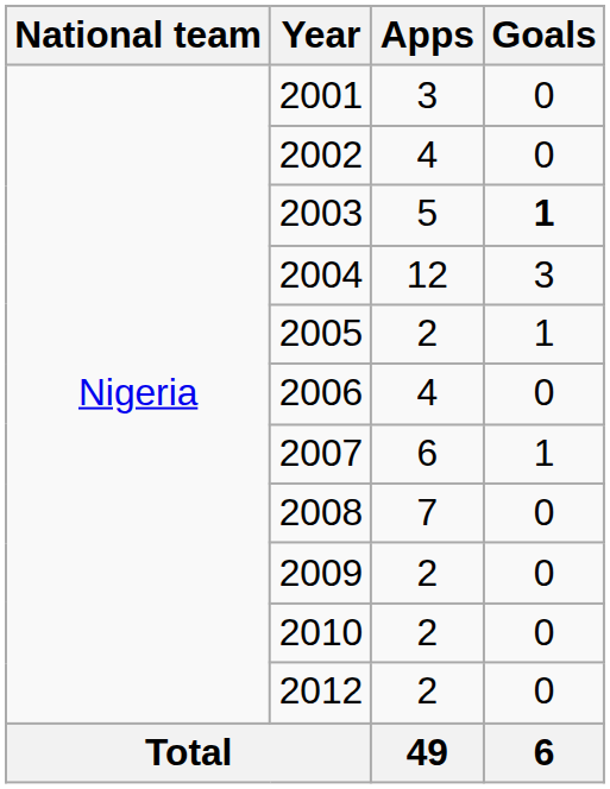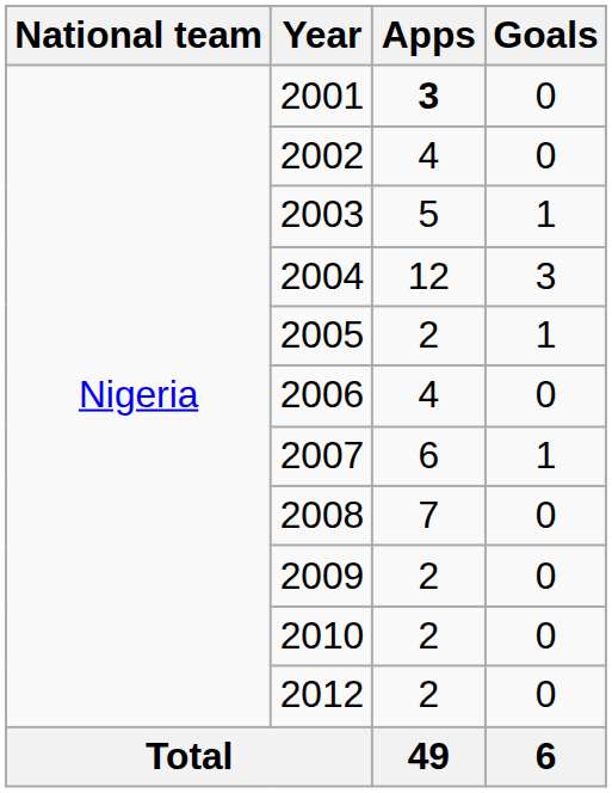 <table class=wikitable style=text-align:center>
 <tr>
 <th>National team</th>
 <th>Year</th>
 <th>Apps</th>
 <th>Goals</th>
 </tr>
 <tr>
 <td rowspan="11"><a href='#'>Nigeria</a></td>
 <td>2001</td>
-<td>3</td>
+<td><strong>3</strong></td>
 <td>0</td>
 </tr>
 <tr>
 <td>2002</td>
 <td>4</td>
 <td>0</td>
 </tr>
 <tr>
 <td>2003</td>
 <td>5</td>
-<td><strong>1</strong></td>
+<td>1</td>
 </tr>
 <tr>
 <td>2004</td>
 <td>12</td>
 <td>3</td>
 </tr>
 <tr>
 <td>2005</td>
 <td>2</td>
 <td>1</td>
 </tr>
 <tr>
 <td>2006</td>
 <td>4</td>
 <td>0</td>
 </tr>
 <tr>
 <td>2007</td>
 <td>6</td>
 <td>1</td>
 </tr>
 <tr>
 <td>2008</td>
 <td>7</td>
 <td>0</td>
 </tr>
 <tr>
 <td>2009</td>
 <td>2</td>
 <td>0</td>
 </tr>
 <tr>
 <td>2010</td>
 <td>2</td>
 <td>0</td>
 </tr>
 <tr>
 <td>2012</td>
 <td>2</td>
 <td>0</td>
 </tr>
 <tr>
 <th colspan="2">Total</th>
 <th>49</th>
 <th>6</th>
 </tr>
 </table>
